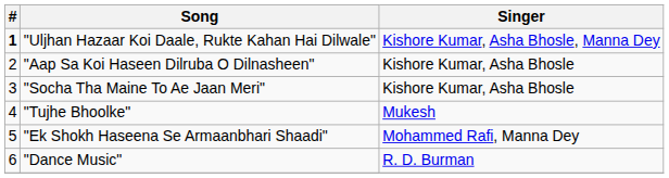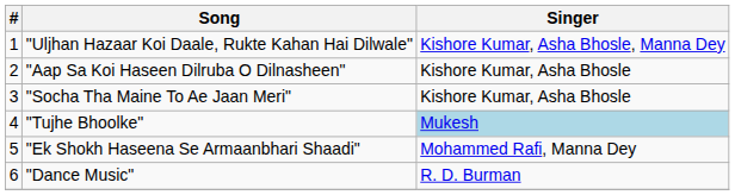 <table class="wikitable">
 <tr>
 <th>#</th>
 <th>Song</th>
 <th>Singer</th>
 </tr>
 <tr>
-<td><strong>1</strong></td>
+<td>1</td>
 <td>"Uljhan Hazaar Koi Daale, Rukte Kahan Hai Dilwale"</td>
 <td><a href='#'>Kishore Kumar</a>, <a href='#'>Asha Bhosle</a>, <a href='#'>Manna Dey</a></td>
 </tr>
 <tr>
 <td>2</td>
 <td>"Aap Sa Koi Haseen Dilruba O Dilnasheen"</td>
 <td>Kishore Kumar, Asha Bhosle</td>
 </tr>
 <tr>
 <td>3</td>
 <td>"Socha Tha Maine To Ae Jaan Meri"</td>
 <td>Kishore Kumar, Asha Bhosle</td>
 </tr>
 <tr>
 <td>4</td>
 <td>"Tujhe Bhoolke"</td>
-<td><a href='#'>Mukesh</a></td>
+<td style="background: lightblue;"><a href='#'>Mukesh</a></td>
 </tr>
 <tr>
 <td>5</td>
 <td>"Ek Shokh Haseena Se Armaanbhari Shaadi"</td>
 <td><a href='#'>Mohammed Rafi</a>, Manna Dey</td>
 </tr>
 <tr>
 <td>6</td>
 <td>"Dance Music"</td>
 <td><a href='#'>R. D. Burman</a></td>
 </tr>
 <tr>
 </tr>
 </table>
